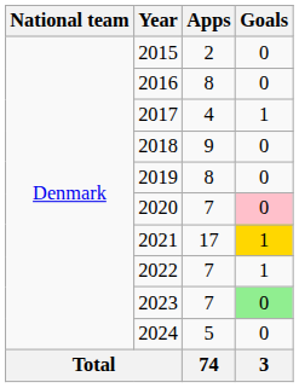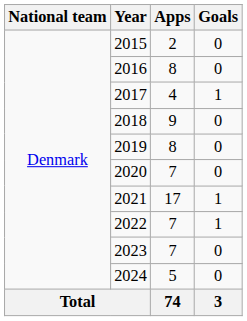 <table class="wikitable" style="text-align: center;">
 <tr>
 <th>National team</th>
 <th>Year</th>
 <th>Apps</th>
 <th>Goals</th>
 </tr>
 <tr>
 <td rowspan="10"><a href='#'>Denmark</a></td>
 <td>2015</td>
 <td>2</td>
 <td>0</td>
 </tr>
 <tr>
 <td>2016</td>
 <td>8</td>
 <td>0</td>
 </tr>
 <tr>
 <td>2017</td>
 <td>4</td>
 <td>1</td>
 </tr>
 <tr>
 <td>2018</td>
 <td>9</td>
 <td>0</td>
 </tr>
 <tr>
 <td>2019</td>
 <td>8</td>
 <td>0</td>
 </tr>
 <tr>
 <td>2020</td>
 <td>7</td>
-<td style="background: pink;">0</td>
+<td>0</td>
 </tr>
 <tr>
 <td>2021</td>
 <td>17</td>
-<td style="background: gold;">1</td>
+<td>1</td>
 </tr>
 <tr>
 <td>2022</td>
 <td>7</td>
 <td>1</td>
 </tr>
 <tr>
 <td>2023</td>
 <td>7</td>
-<td style="background: lightgreen;">0</td>
+<td>0</td>
 </tr>
 <tr>
 <td>2024</td>
 <td>5</td>
 <td>0</td>
 </tr>
 <tr>
 <th colspan="2">Total</th>
 <th>74</th>
 <th>3</th>
 </tr>
 </table>
